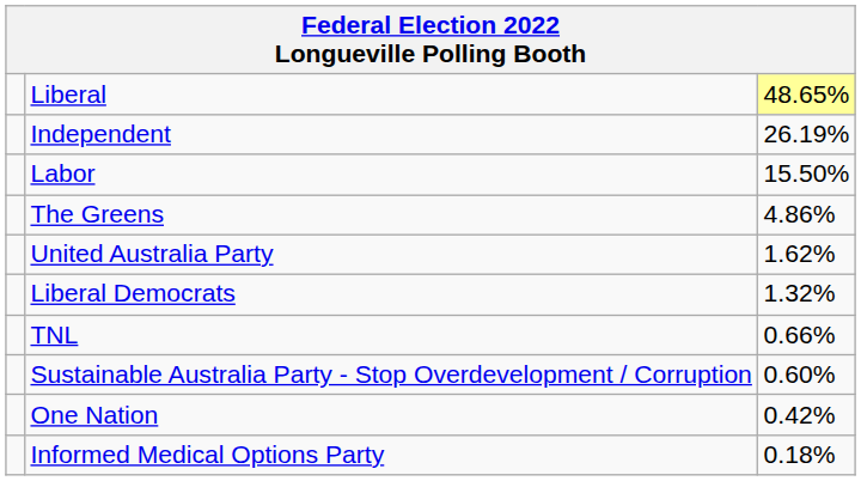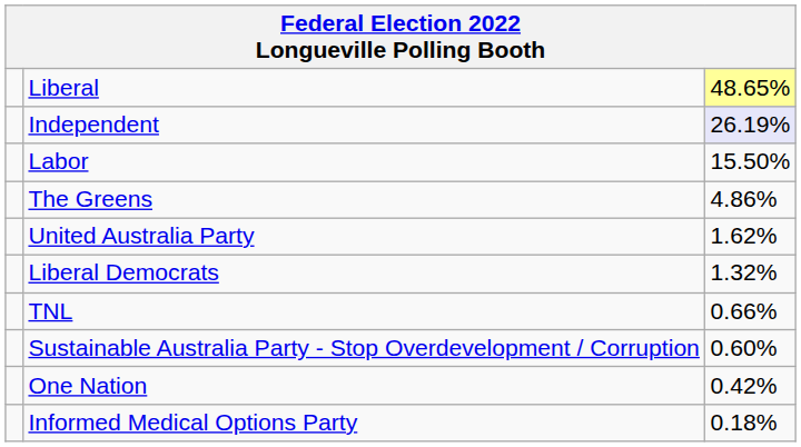 <table class="wikitable" style="float:right; margin-left:1em">
 <tr>
 <th colspan = 3><a href='#'>Federal Election 2022</a><br>Longueville Polling Booth</th>
 </tr>
 <tr>
 <td> </td>
 <td><a href='#'>Liberal</a></td>
 <td bgcolor="FFFF99">48.65%</td>
 </tr>
 <tr>
 <td> </td>
 <td><a href='#'>Independent</a></td>
-<td>26.19%</td>
+<td style="background: lavender;">26.19%</td>
 </tr>
 <tr>
 <td> </td>
 <td><a href='#'>Labor</a></td>
 <td>15.50%</td>
 </tr>
 <tr>
 <td> </td>
 <td><a href='#'>The Greens</a></td>
 <td>4.86%</td>
 </tr>
 <tr>
 <td> </td>
 <td><a href='#'>United Australia Party</a></td>
 <td>1.62%</td>
 </tr>
 <tr>
 <td> </td>
 <td><a href='#'>Liberal Democrats</a></td>
 <td>1.32%</td>
 </tr>
 <tr>
 <td> </td>
 <td><a href='#'>TNL</a></td>
 <td>0.66%</td>
 </tr>
 <tr>
 <td> </td>
 <td><a href='#'>Sustainable Australia Party - Stop Overdevelopment / Corruption</a></td>
 <td>0.60%</td>
 </tr>
 <tr>
 <td> </td>
 <td><a href='#'>One Nation</a></td>
 <td>0.42%</td>
 </tr>
 <tr>
 <td> </td>
 <td><a href='#'>Informed Medical Options Party</a></td>
 <td>0.18%</td>
 </tr>
 </table>
